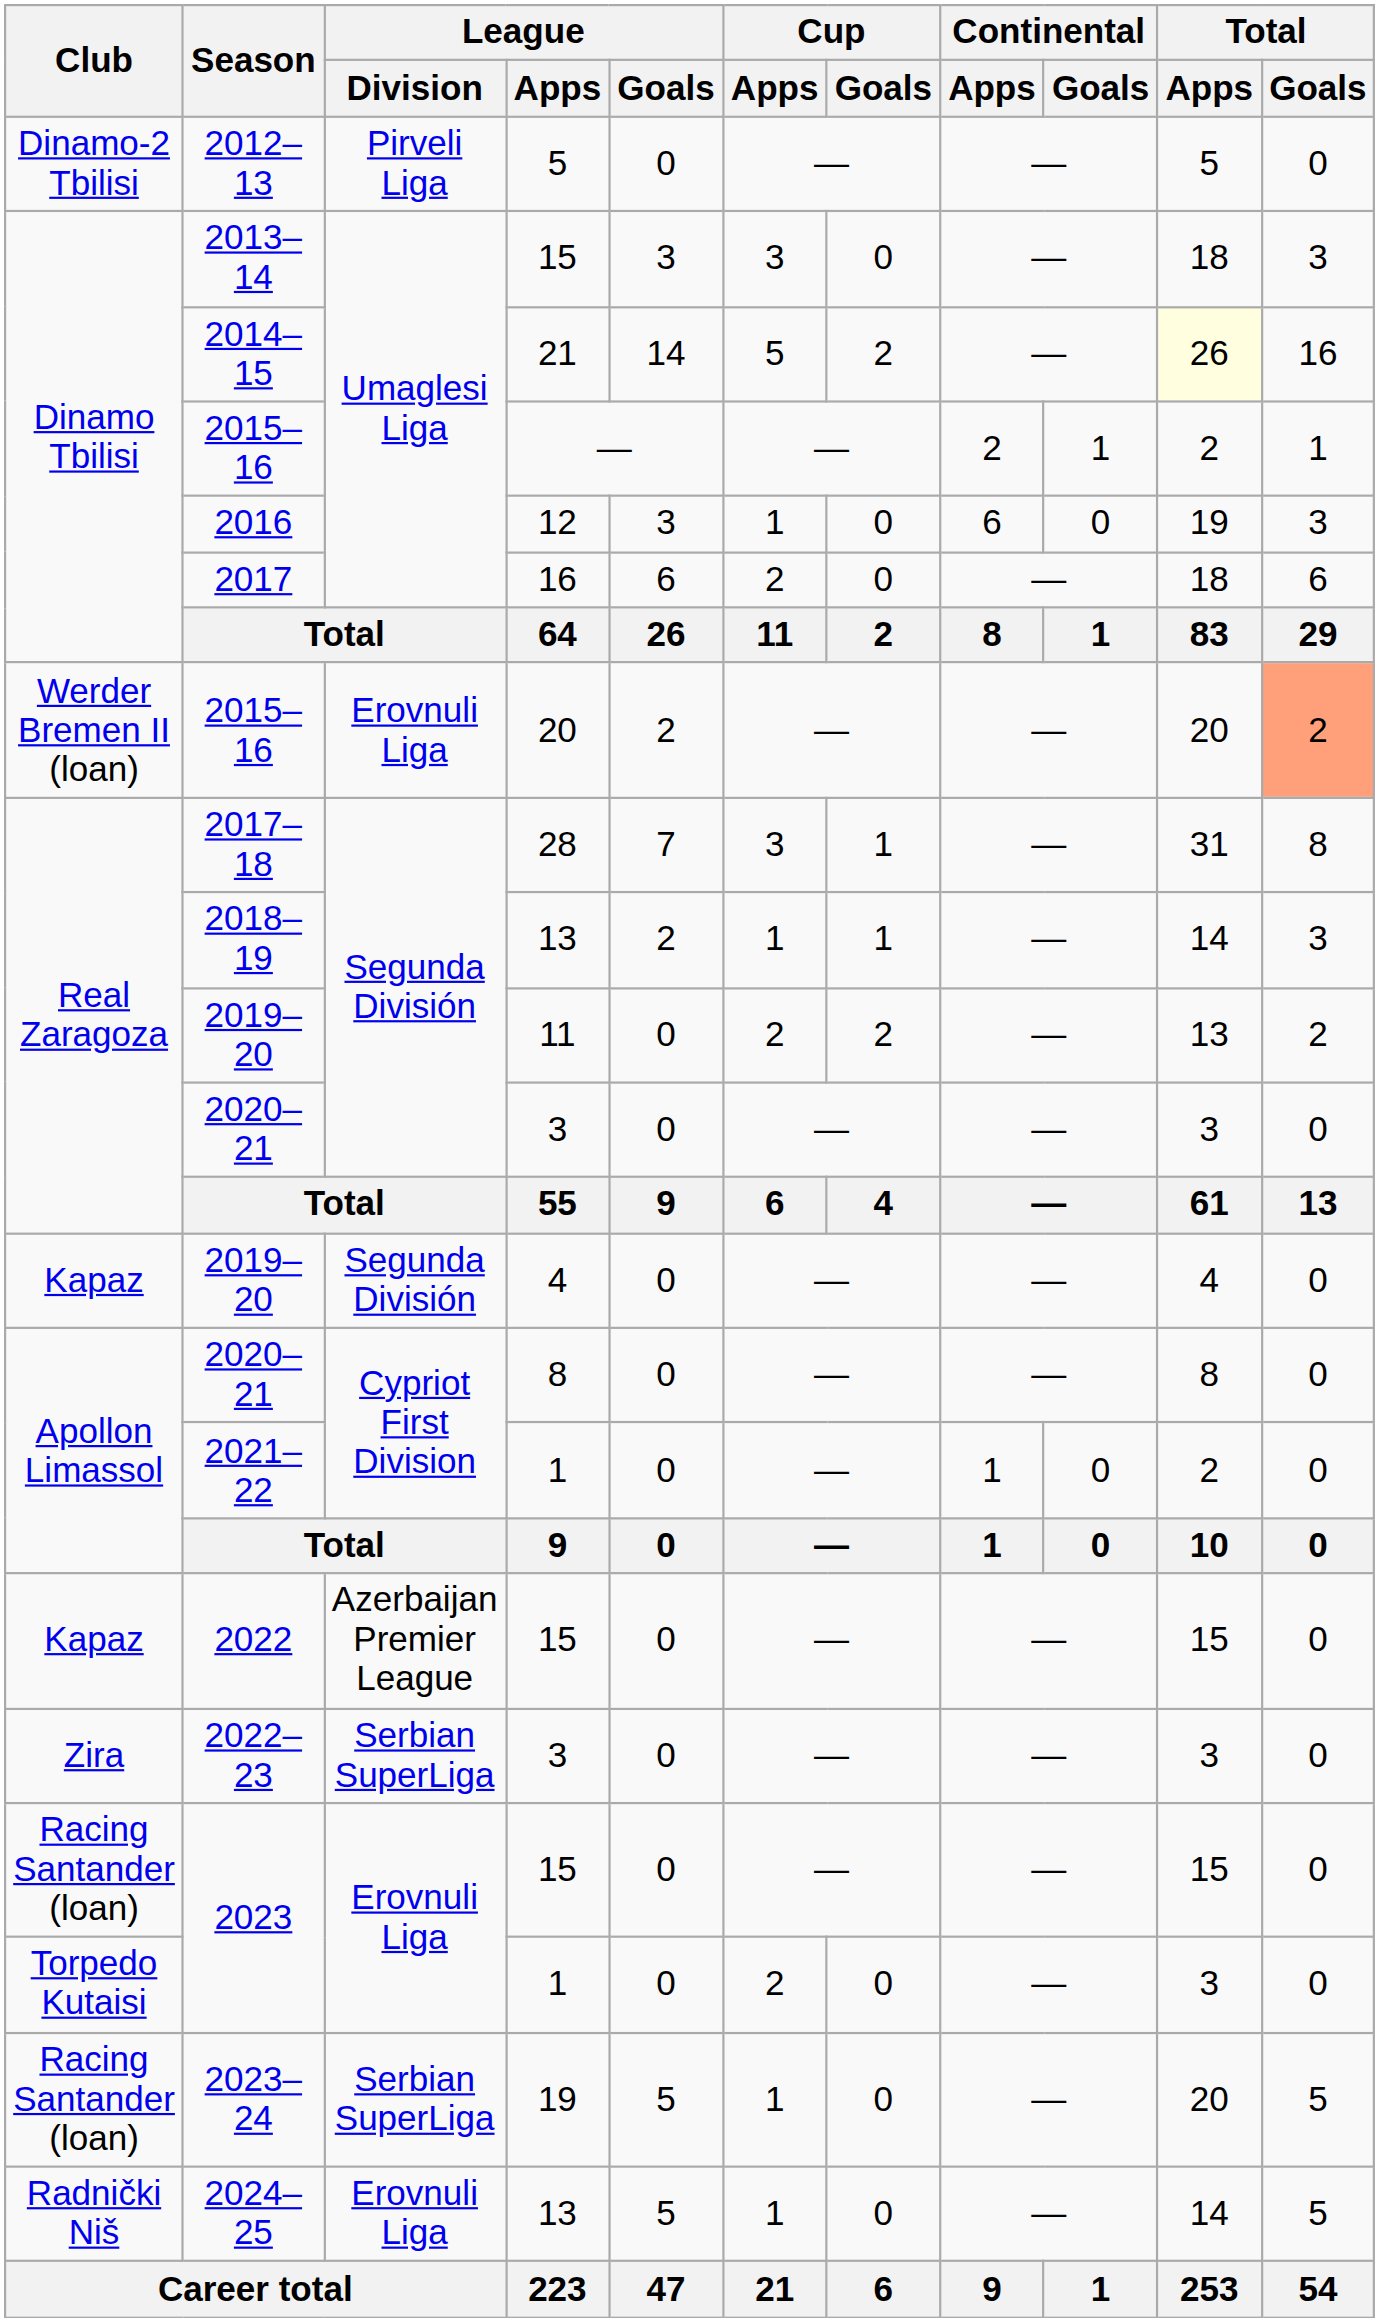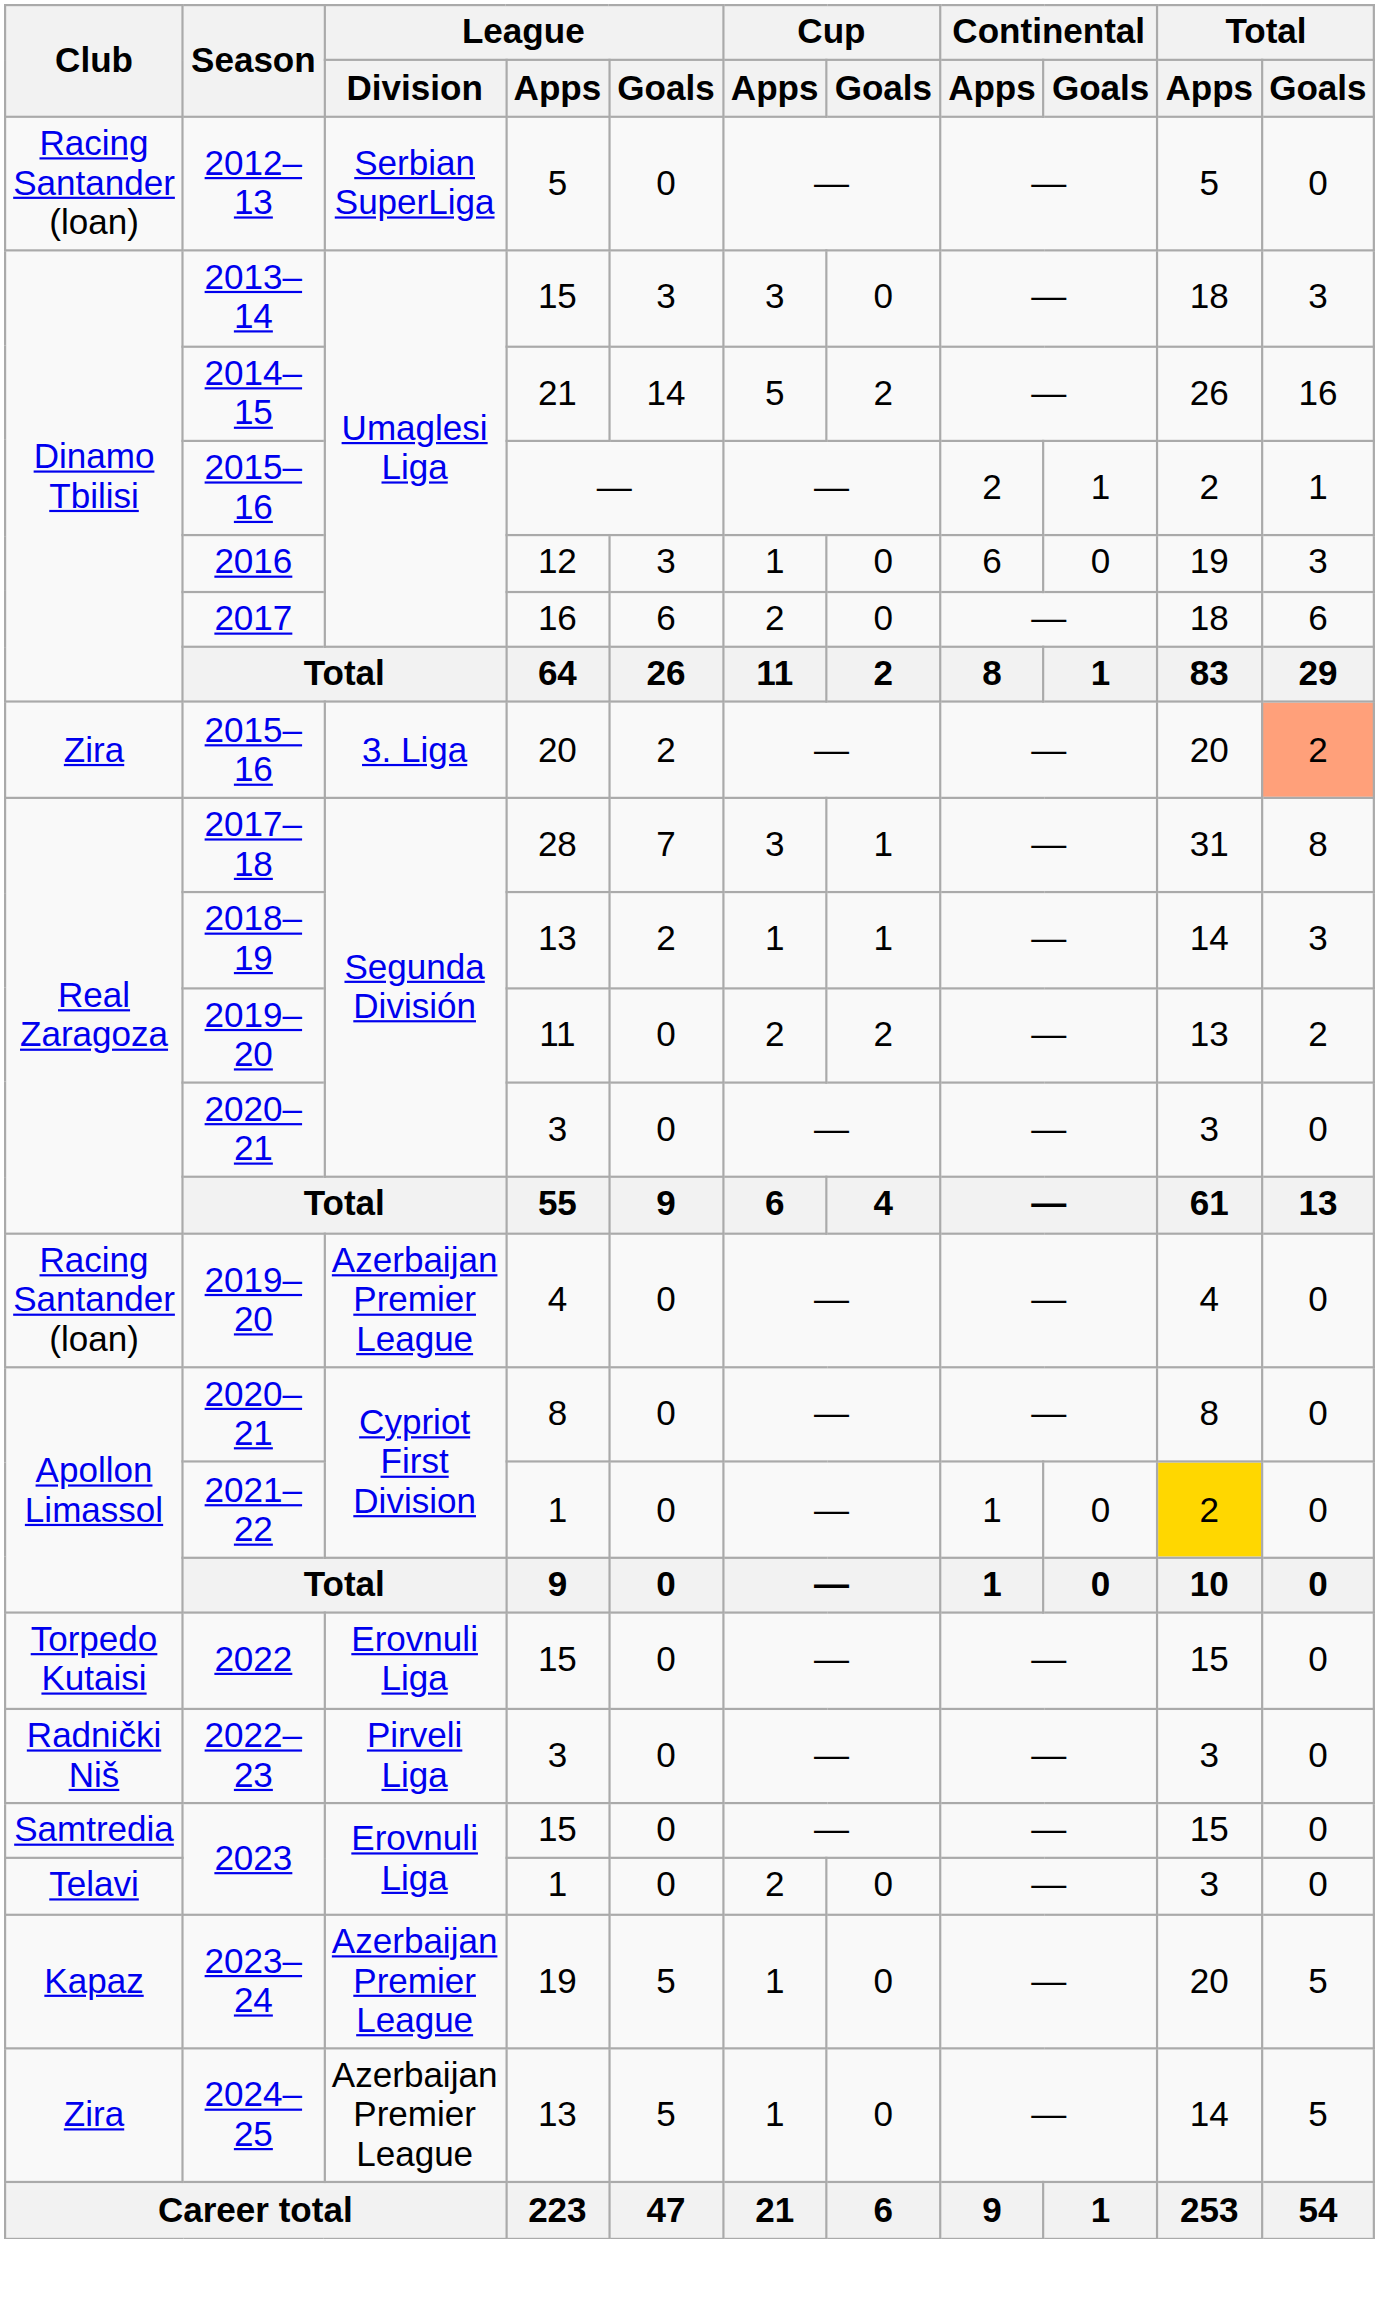 <table class="wikitable" style="text-align:center">
 <tr>
 <th rowspan="2">Club</th>
 <th rowspan="2">Season</th>
 <th colspan="3">League</th>
 <th colspan="2">Cup</th>
 <th colspan="2">Continental</th>
 <th colspan="2">Total</th>
 </tr>
 <tr>
 <th>Division</th>
 <th>Apps</th>
 <th>Goals</th>
 <th>Apps</th>
 <th>Goals</th>
 <th>Apps</th>
 <th>Goals</th>
 <th>Apps</th>
 <th>Goals</th>
 </tr>
 <tr>
-<td><a href='#'>Dinamo-2 Tbilisi</a></td>
+<td><a href='#'>Racing Santander</a> (loan)</td>
 <td><a href='#'>2012–13</a></td>
-<td><a href='#'>Pirveli Liga</a></td>
+<td><a href='#'>Serbian SuperLiga</a></td>
 <td>5</td>
 <td>0</td>
 <td colspan="2">—</td>
 <td colspan="2">—</td>
 <td>5</td>
 <td>0</td>
 </tr>
 <tr>
 <td rowspan="6"><a href='#'>Dinamo Tbilisi</a></td>
 <td><a href='#'>2013–14</a></td>
 <td rowspan="5"><a href='#'>Umaglesi Liga</a></td>
 <td>15</td>
 <td>3</td>
 <td>3</td>
 <td>0</td>
 <td colspan="2">—</td>
 <td>18</td>
 <td>3</td>
 </tr>
 <tr>
 <td><a href='#'>2014–15</a></td>
 <td>21</td>
 <td>14</td>
 <td>5</td>
 <td>2</td>
 <td colspan="2">—</td>
-<td style="background: lightyellow;">26</td>
+<td>26</td>
 <td>16</td>
 </tr>
 <tr>
 <td><a href='#'>2015–16</a></td>
 <td colspan="2">—</td>
 <td colspan="2">—</td>
 <td>2</td>
 <td>1</td>
 <td>2</td>
 <td>1</td>
 </tr>
 <tr>
 <td><a href='#'>2016</a></td>
 <td>12</td>
 <td>3</td>
 <td>1</td>
 <td>0</td>
 <td>6</td>
 <td>0</td>
 <td>19</td>
 <td>3</td>
 </tr>
 <tr>
 <td><a href='#'>2017</a></td>
 <td>16</td>
 <td>6</td>
 <td>2</td>
 <td>0</td>
 <td colspan="2">—</td>
 <td>18</td>
 <td>6</td>
 </tr>
 <tr>
 <th colspan="2">Total</th>
 <th>64</th>
 <th>26</th>
 <th>11</th>
 <th>2</th>
 <th>8</th>
 <th>1</th>
 <th>83</th>
 <th>29</th>
 </tr>
 <tr>
-<td><a href='#'>Werder Bremen II</a> (loan)</td>
+<td><a href='#'>Zira</a></td>
 <td><a href='#'>2015–16</a></td>
-<td><a href='#'>Erovnuli Liga</a></td>
+<td><a href='#'>3. Liga</a></td>
 <td>20</td>
 <td>2</td>
 <td colspan="2">—</td>
 <td colspan="2">—</td>
 <td>20</td>
 <td style="background: lightsalmon;">2</td>
 </tr>
 <tr>
 <td rowspan="5"><a href='#'>Real Zaragoza</a></td>
 <td><a href='#'>2017–18</a></td>
 <td rowspan="4"><a href='#'>Segunda División</a></td>
 <td>28</td>
 <td>7</td>
 <td>3</td>
 <td>1</td>
 <td colspan="2">—</td>
 <td>31</td>
 <td>8</td>
 </tr>
 <tr>
 <td><a href='#'>2018–19</a></td>
 <td>13</td>
 <td>2</td>
 <td>1</td>
 <td>1</td>
 <td colspan="2">—</td>
 <td>14</td>
 <td>3</td>
 </tr>
 <tr>
 <td><a href='#'>2019–20</a></td>
 <td>11</td>
 <td>0</td>
 <td>2</td>
 <td>2</td>
 <td colspan="2">—</td>
 <td>13</td>
 <td>2</td>
 </tr>
 <tr>
 <td><a href='#'>2020–21</a></td>
 <td>3</td>
 <td>0</td>
 <td colspan="2">—</td>
 <td colspan="2">—</td>
 <td>3</td>
 <td>0</td>
 </tr>
 <tr>
 <th colspan="2">Total</th>
 <th>55</th>
 <th>9</th>
 <th>6</th>
 <th>4</th>
 <th colspan="2">—</th>
 <th>61</th>
 <th>13</th>
 </tr>
 <tr>
-<td><a href='#'>Kapaz</a></td>
+<td><a href='#'>Racing Santander</a> (loan)</td>
 <td><a href='#'>2019–20</a></td>
-<td><a href='#'>Segunda División</a></td>
+<td><a href='#'>Azerbaijan Premier League</a></td>
 <td>4</td>
 <td>0</td>
 <td colspan="2">—</td>
 <td colspan="2">—</td>
 <td>4</td>
 <td>0</td>
 </tr>
 <tr>
 <td rowspan="3"><a href='#'>Apollon Limassol</a></td>
 <td><a href='#'>2020–21</a></td>
 <td rowspan="2"><a href='#'>Cypriot First Division</a></td>
 <td>8</td>
 <td>0</td>
 <td colspan="2">—</td>
 <td colspan="2">—</td>
 <td>8</td>
 <td>0</td>
 </tr>
 <tr>
 <td><a href='#'>2021–22</a></td>
 <td>1</td>
 <td>0</td>
 <td colspan="2">—</td>
 <td>1</td>
 <td>0</td>
-<td>2</td>
+<td style="background: gold;">2</td>
 <td>0</td>
 </tr>
 <tr>
 <th colspan="2">Total</th>
 <th>9</th>
 <th>0</th>
 <th colspan="2">—</th>
 <th>1</th>
 <th>0</th>
 <th>10</th>
 <th>0</th>
 </tr>
 <tr>
-<td><a href='#'>Kapaz</a></td>
+<td><a href='#'>Torpedo Kutaisi</a></td>
 <td><a href='#'>2022</a></td>
-<td>Azerbaijan Premier League</td>
+<td><a href='#'>Erovnuli Liga</a></td>
 <td>15</td>
 <td>0</td>
 <td colspan="2">—</td>
 <td colspan="2">—</td>
 <td>15</td>
 <td>0</td>
 </tr>
 <tr>
-<td><a href='#'>Zira</a></td>
+<td><a href='#'>Radnički Niš</a></td>
 <td><a href='#'>2022–23</a></td>
-<td><a href='#'>Serbian SuperLiga</a></td>
+<td><a href='#'>Pirveli Liga</a></td>
 <td>3</td>
 <td>0</td>
 <td colspan="2">—</td>
 <td colspan="2">—</td>
 <td>3</td>
 <td>0</td>
 </tr>
 <tr>
-<td><a href='#'>Racing Santander</a> (loan)</td>
+<td><a href='#'>Samtredia</a></td>
 <td rowspan="2"><a href='#'>2023</a></td>
 <td rowspan="2"><a href='#'>Erovnuli Liga</a></td>
 <td>15</td>
 <td>0</td>
 <td colspan="2">—</td>
 <td colspan="2">—</td>
 <td>15</td>
 <td>0</td>
 </tr>
 <tr>
-<td><a href='#'>Torpedo Kutaisi</a></td>
+<td><a href='#'>Telavi</a></td>
 <td>1</td>
 <td>0</td>
 <td>2</td>
 <td>0</td>
 <td colspan="2">—</td>
 <td>3</td>
 <td>0</td>
 </tr>
 <tr>
-<td><a href='#'>Racing Santander</a> (loan)</td>
+<td><a href='#'>Kapaz</a></td>
 <td><a href='#'>2023–24</a></td>
-<td><a href='#'>Serbian SuperLiga</a></td>
+<td><a href='#'>Azerbaijan Premier League</a></td>
 <td>19</td>
 <td>5</td>
 <td>1</td>
 <td>0</td>
 <td colspan="2">—</td>
 <td>20</td>
 <td>5</td>
 </tr>
 <tr>
-<td><a href='#'>Radnički Niš</a></td>
+<td><a href='#'>Zira</a></td>
 <td><a href='#'>2024–25</a></td>
-<td><a href='#'>Erovnuli Liga</a></td>
+<td>Azerbaijan Premier League</td>
 <td>13</td>
 <td>5</td>
 <td>1</td>
 <td>0</td>
 <td colspan="2">—</td>
 <td>14</td>
 <td>5</td>
 </tr>
 <tr>
 <th colspan="3">Career total</th>
 <th>223</th>
 <th>47</th>
 <th>21</th>
 <th>6</th>
 <th>9</th>
 <th>1</th>
 <th>253</th>
 <th>54</th>
 </tr>
 </table>
